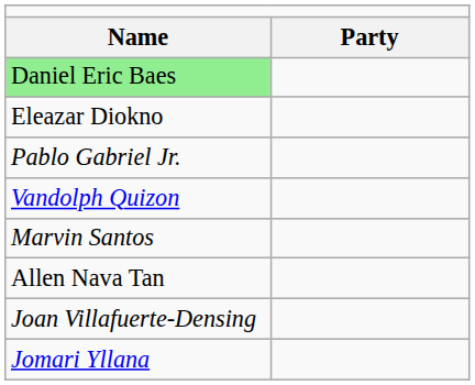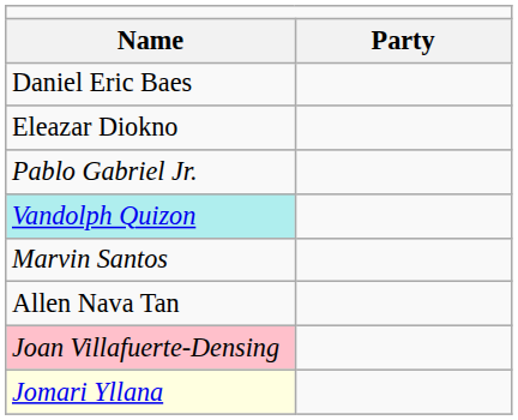 <table class=wikitable style="font-size:90%">
 <tr>
 <td colspan=4 bgcolor=></td>
 </tr>
 <tr>
 <th width=150px>Name</th>
 <th colspan=2 width=110px>Party</th>
 </tr>
 <tr>
-<td style="background: lightgreen;">Daniel Eric Baes</td>
+<td>Daniel Eric Baes</td>
 <td></td>
 </tr>
 <tr>
 <td>Eleazar Diokno</td>
 <td></td>
 </tr>
 <tr>
 <td><em>Pablo Gabriel Jr.</em></td>
 <td></td>
 </tr>
 <tr>
-<td><em><a href='#'>Vandolph Quizon</a></em></td>
+<td style="background: paleturquoise;"><em><a href='#'>Vandolph Quizon</a></em></td>
 <td></td>
 </tr>
 <tr>
 <td><em>Marvin Santos</em></td>
 <td></td>
 </tr>
 <tr>
 <td>Allen Nava Tan</td>
 <td></td>
 </tr>
 <tr>
-<td><em>Joan Villafuerte-Densing</em></td>
+<td style="background: pink;"><em>Joan Villafuerte-Densing</em></td>
 <td></td>
 </tr>
 <tr>
-<td><em><a href='#'>Jomari Yllana</a></em></td>
+<td style="background: lightyellow;"><em><a href='#'>Jomari Yllana</a></em></td>
 <td></td>
 </tr>
 </table>
